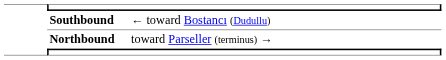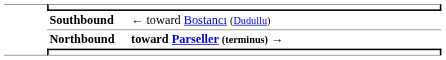 <table cellspacing=0 cellpadding=3>
 <tr>
 <td style="border-top:solid 1px gray;border-bottom:solid 1px gray;vertical-align:top;" width=50 rowspan=4></td>
 <td style="border-top:solid 1px gray;border-right:solid 2px black;border-left:solid 2px black;border-bottom:solid 2px black;text-align:center;" colspan=2></td>
 </tr>
 <tr>
 <td style="border-bottom:solid 1px gray;" width=100><strong>Southbound</strong></td>
 <td style="border-bottom:solid 1px gray;" width=400>←  toward <a href='#'>Bostancı</a> <small>(<a href='#'>Dudullu</a>)</small></td>
 </tr>
 <tr>
 <td><strong>Northbound</strong></td>
-<td> toward <a href='#'>Parseller</a> <small>(terminus)</small> →</td>
+<td><strong> toward <a href='#'>Parseller</a> <small>(terminus)</small> →</strong></td>
 </tr>
 <tr>
 <td style="border-bottom:solid 1px gray;border-top:solid 2px black;border-right:solid 2px black;border-left:solid 2px black;text-align:center;" colspan=2></td>
 </tr>
 </table>
